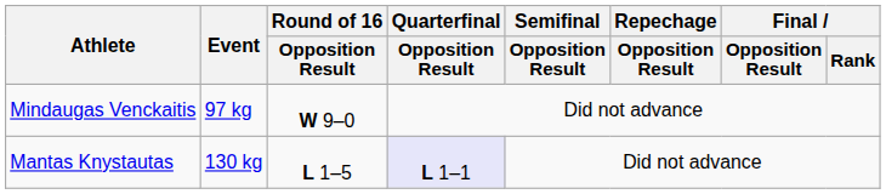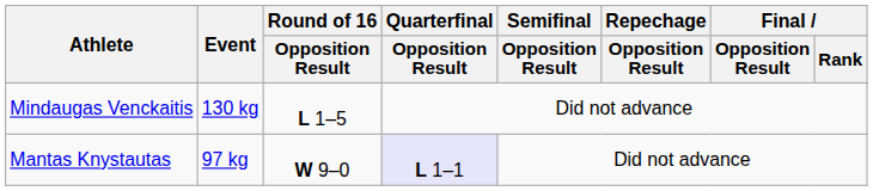 <table class="wikitable" style="font-size:90%">
 <tr>
 <th rowspan=2>Athlete</th>
 <th rowspan=2>Event</th>
 <th>Round of 16</th>
 <th>Quarterfinal</th>
 <th>Semifinal</th>
 <th>Repechage</th>
 <th colspan=2>Final / </th>
 </tr>
 <tr style="font-size: 95%">
 <th>Opposition<br>Result</th>
 <th>Opposition<br>Result</th>
 <th>Opposition<br>Result</th>
 <th>Opposition<br>Result</th>
 <th>Opposition<br>Result</th>
 <th>Rank</th>
 </tr>
 <tr align=center>
 <td align=left><a href='#'>Mindaugas Venckaitis</a></td>
-<td align=left><a href='#'>97 kg</a></td>
-<td><br><strong>W</strong> 9–0</td>
+<td align=left><a href='#'>130 kg</a></td>
+<td><br><strong>L</strong> 1–5</td>
 <td colspan=5>Did not advance</td>
 </tr>
 <tr align=center>
 <td align=left><a href='#'>Mantas Knystautas</a></td>
-<td align=left><a href='#'>130 kg</a></td>
-<td><br><strong>L</strong> 1–5</td>
+<td align=left><a href='#'>97 kg</a></td>
+<td><br><strong>W</strong> 9–0</td>
 <td style="background: lavender;"><br><strong>L</strong> 1–1</td>
 <td colspan=4>Did not advance</td>
 </tr>
 </table>
